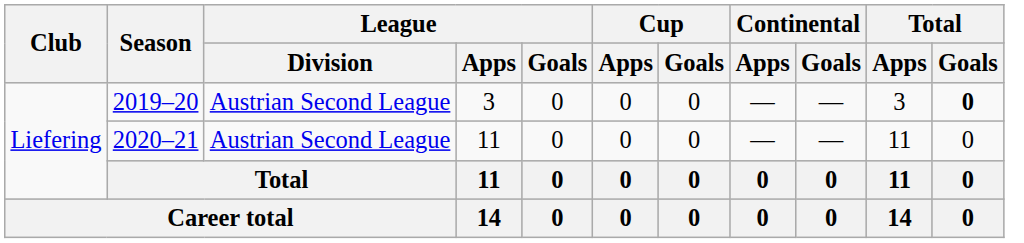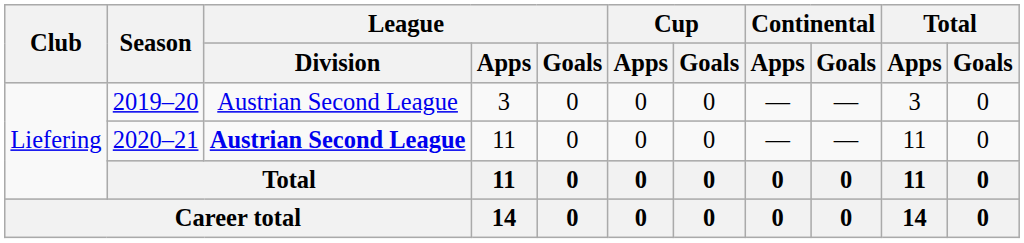 <table class=wikitable style=text-align:center>
 <tr>
 <th rowspan=2>Club</th>
 <th rowspan=2>Season</th>
 <th colspan=3>League</th>
 <th colspan=2>Cup</th>
 <th colspan=2>Continental</th>
 <th colspan=2>Total</th>
 </tr>
 <tr>
 <th>Division</th>
 <th>Apps</th>
 <th>Goals</th>
 <th>Apps</th>
 <th>Goals</th>
 <th>Apps</th>
 <th>Goals</th>
 <th>Apps</th>
 <th>Goals</th>
 </tr>
 <tr>
 <td rowspan=3><a href='#'>Liefering</a></td>
 <td><a href='#'>2019–20</a></td>
 <td><a href='#'>Austrian Second League</a></td>
 <td>3</td>
 <td>0</td>
 <td>0</td>
 <td>0</td>
 <td>—</td>
 <td>—</td>
 <td>3</td>
-<td><strong>0</strong></td>
+<td>0</td>
 </tr>
 <tr>
 <td><a href='#'>2020–21</a></td>
-<td><a href='#'>Austrian Second League</a></td>
+<td><strong><a href='#'>Austrian Second League</a></strong></td>
 <td>11</td>
 <td>0</td>
 <td>0</td>
 <td>0</td>
 <td>—</td>
 <td>—</td>
 <td>11</td>
 <td>0</td>
 </tr>
 <tr>
 <th colspan=2>Total</th>
 <th>11</th>
 <th>0</th>
 <th>0</th>
 <th>0</th>
 <th>0</th>
 <th>0</th>
 <th>11</th>
 <th>0</th>
 </tr>
 <tr>
 <th colspan=3>Career total</th>
 <th>14</th>
 <th>0</th>
 <th>0</th>
 <th>0</th>
 <th>0</th>
 <th>0</th>
 <th>14</th>
 <th>0</th>
 </tr>
 </table>
